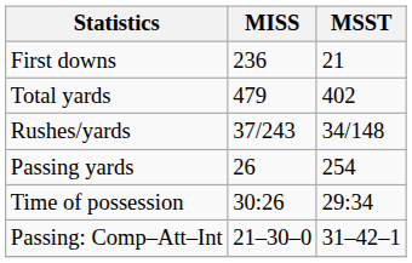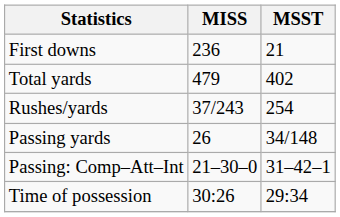 <table class="wikitable" style="float: left;">
 <tr>
 <th>Statistics</th>
 <th>MISS</th>
 <th>MSST</th>
 </tr>
 <tr>
 <td>First downs</td>
 <td>236</td>
 <td>21</td>
 </tr>
 <tr>
 <td>Total yards</td>
 <td>479</td>
 <td>402</td>
 </tr>
 <tr>
 <td>Rushes/yards</td>
 <td>37/243</td>
-<td>34/148</td>
+<td>254</td>
 </tr>
 <tr>
 <td>Passing yards</td>
 <td>26</td>
-<td>254</td>
+<td>34/148</td>
+</tr>
+<tr>
+<td>Passing: Comp–Att–Int</td>
+<td>21–30–0</td>
+<td>31–42–1</td>
 </tr>
 <tr>
 <td>Time of possession</td>
 <td>30:26</td>
 <td>29:34</td>
 </tr>
 <tr>
-<td>Passing: Comp–Att–Int</td>
-<td>21–30–0</td>
-<td>31–42–1</td>
-</tr>
-<tr>
 </tr>
 </table>
